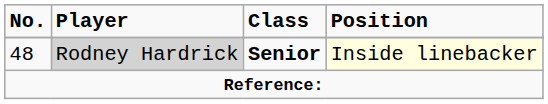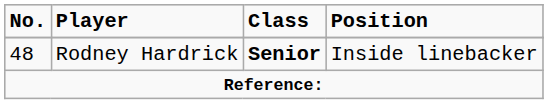 <table class="wikitable" style="text-align=center">
 <tr style="font-weight:bold">
 <td>No.</td>
 <td>Player</td>
 <td>Class</td>
 <td>Position</td>
 </tr>
 <tr>
 </tr>
 <tr>
 <td>48</td>
-<td style="background: lightgrey;">Rodney Hardrick</td>
+<td>Rodney Hardrick</td>
 <td><strong> Senior</strong></td>
-<td style="background: lightyellow;">Inside linebacker</td>
+<td>Inside linebacker</td>
 </tr>
 <tr style="font-size:8pt; font-weight:bold; text-align:center;">
 <td colspan=4>Reference:</td>
 </tr>
 </table>
